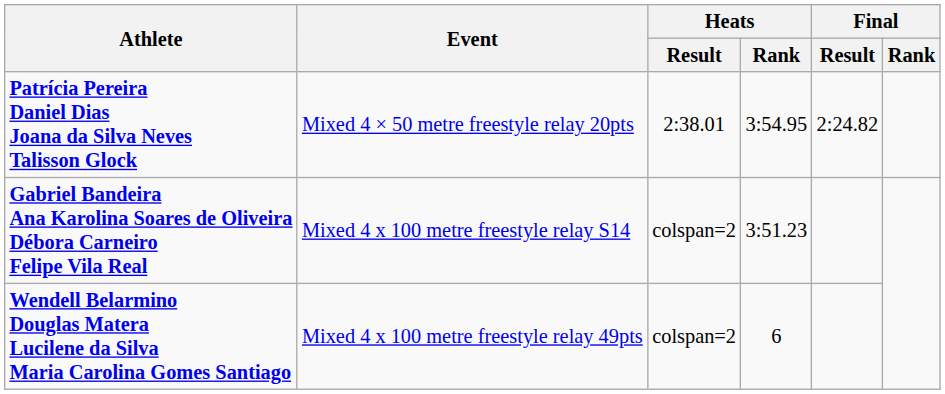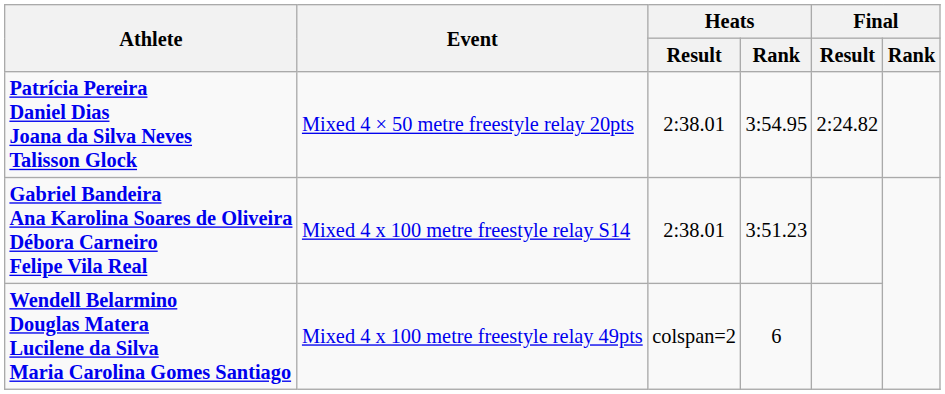 <table class=wikitable style="font-size:95%">
 <tr>
 <th rowspan="2">Athlete</th>
 <th rowspan="2">Event</th>
 <th colspan="2">Heats</th>
 <th colspan="2">Final</th>
 </tr>
 <tr>
 <th>Result</th>
 <th>Rank</th>
 <th>Result</th>
 <th>Rank</th>
 </tr>
 <tr align=center>
 <td align=left><strong><a href='#'>Patrícia Pereira</a><br><a href='#'>Daniel Dias</a><br><a href='#'>Joana da Silva Neves</a><br><a href='#'>Talisson Glock</a></strong></td>
 <td align=left><a href='#'>Mixed 4 × 50 metre freestyle relay 20pts</a></td>
 <td>2:38.01</td>
 <td>3:54.95</td>
 <td>2:24.82</td>
 <td></td>
 </tr>
 <tr align=center>
 <td align=left><strong><a href='#'>Gabriel Bandeira</a><br><a href='#'>Ana Karolina Soares de Oliveira</a><br><a href='#'>Débora Carneiro</a><br><a href='#'>Felipe Vila Real</a></strong></td>
 <td align=left><a href='#'>Mixed 4 x 100 metre freestyle relay S14</a></td>
-<td>colspan=2 </td>
+<td>2:38.01</td>
 <td>3:51.23</td>
 <td></td>
 </tr>
 <tr align=center>
 <td align=left><strong><a href='#'>Wendell Belarmino</a><br><a href='#'>Douglas Matera</a><br><a href='#'>Lucilene da Silva</a><br><a href='#'>Maria Carolina Gomes Santiago</a></strong></td>
 <td align=left><a href='#'>Mixed 4 x 100 metre freestyle relay 49pts</a></td>
 <td>colspan=2 </td>
 <td>6</td>
 <td></td>
 </tr>
 </table>
